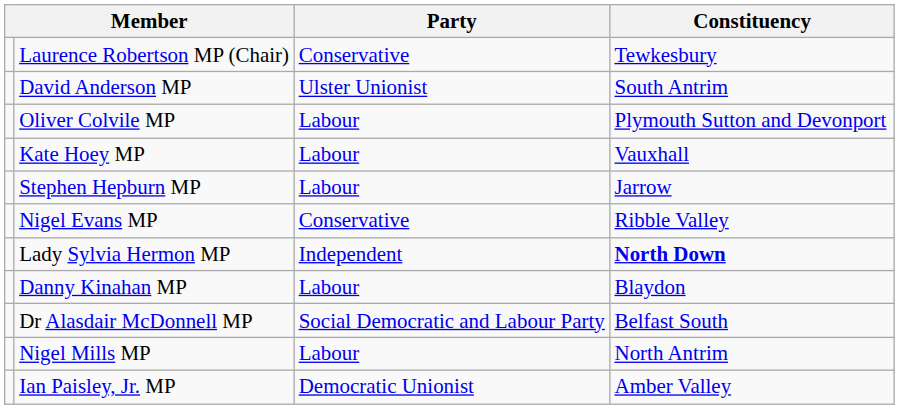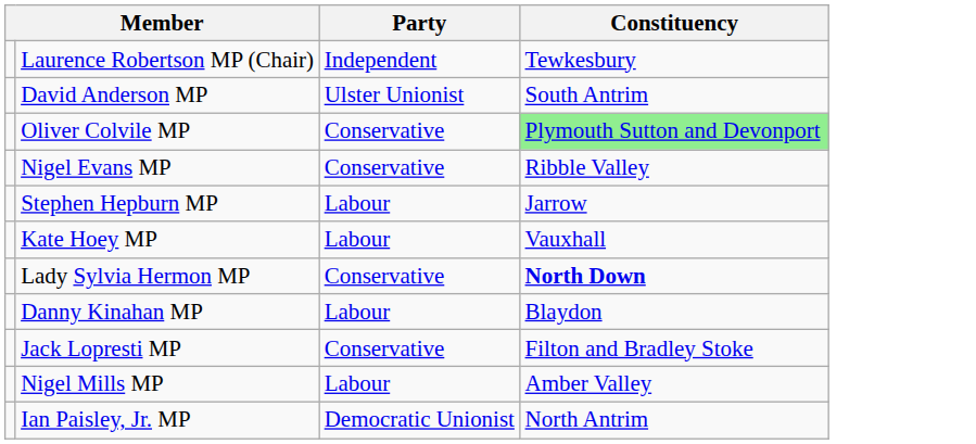 <table class="wikitable">
 <tr>
 <th width="160px" colspan="2" valign="top">Member</th>
 <th valign="top">Party</th>
 <th width="210px" valign="top">Constituency</th>
 </tr>
 <tr>
 <td style="color:inherit;background:"></td>
 <td><a href='#'>Laurence Robertson</a> MP (Chair)</td>
-<td><a href='#'>Conservative</a></td>
+<td><a href='#'>Independent</a></td>
 <td><a href='#'>Tewkesbury</a></td>
 </tr>
 <tr>
 <td style="color:inherit;background:"></td>
 <td><a href='#'>David Anderson</a> MP</td>
 <td><a href='#'>Ulster Unionist</a></td>
 <td><a href='#'>South Antrim</a></td>
 </tr>
 <tr>
 <td style="color:inherit;background:"></td>
 <td><a href='#'>Oliver Colvile</a> MP</td>
+<td><a href='#'>Conservative</a></td>
+<td style="background: lightgreen;"><a href='#'>Plymouth Sutton and Devonport</a></td>
+</tr>
+<tr>
+<td style="color:inherit;background:"></td>
+<td><a href='#'>Nigel Evans</a> MP</td>
+<td><a href='#'>Conservative</a></td>
+<td><a href='#'>Ribble Valley</a></td>
+</tr>
+<tr>
+<td style="color:inherit;background:"></td>
+<td><a href='#'>Stephen Hepburn</a> MP</td>
 <td><a href='#'>Labour</a></td>
-<td><a href='#'>Plymouth Sutton and Devonport</a></td>
+<td><a href='#'>Jarrow</a></td>
 </tr>
 <tr>
 <td style="color:inherit;background:"></td>
 <td><a href='#'>Kate Hoey</a> MP</td>
 <td><a href='#'>Labour</a></td>
 <td><a href='#'>Vauxhall</a></td>
 </tr>
 <tr>
 <td style="color:inherit;background:"></td>
-<td><a href='#'>Stephen Hepburn</a> MP</td>
-<td><a href='#'>Labour</a></td>
-<td><a href='#'>Jarrow</a></td>
-</tr>
-<tr>
-<td style="color:inherit;background:"></td>
-<td><a href='#'>Nigel Evans</a> MP</td>
+<td>Lady <a href='#'>Sylvia Hermon</a> MP</td>
 <td><a href='#'>Conservative</a></td>
-<td><a href='#'>Ribble Valley</a></td>
-</tr>
-<tr>
-<td style="color:inherit;background:"></td>
-<td>Lady <a href='#'>Sylvia Hermon</a> MP</td>
-<td><a href='#'>Independent</a></td>
 <td><strong><a href='#'>North Down</a></strong></td>
 </tr>
 <tr>
 <td style="color:inherit;background:"></td>
 <td><a href='#'>Danny Kinahan</a> MP</td>
 <td><a href='#'>Labour</a></td>
 <td><a href='#'>Blaydon</a></td>
 </tr>
 <tr>
 <td style="color:inherit;background:"></td>
-<td>Dr <a href='#'>Alasdair McDonnell</a> MP</td>
-<td><a href='#'>Social Democratic and Labour Party</a></td>
-<td><a href='#'>Belfast South</a></td>
+<td><a href='#'>Jack Lopresti</a> MP</td>
+<td><a href='#'>Conservative</a></td>
+<td><a href='#'>Filton and Bradley Stoke</a></td>
 </tr>
 <tr>
 <td style="color:inherit;background:"></td>
 <td><a href='#'>Nigel Mills</a> MP</td>
 <td><a href='#'>Labour</a></td>
-<td><a href='#'>North Antrim</a></td>
+<td><a href='#'>Amber Valley</a></td>
 </tr>
 <tr>
 <td style="color:inherit;background:"></td>
 <td><a href='#'>Ian Paisley, Jr.</a> MP</td>
 <td><a href='#'>Democratic Unionist</a></td>
-<td><a href='#'>Amber Valley</a></td>
+<td><a href='#'>North Antrim</a></td>
 </tr>
 </table>
